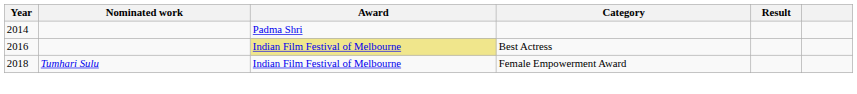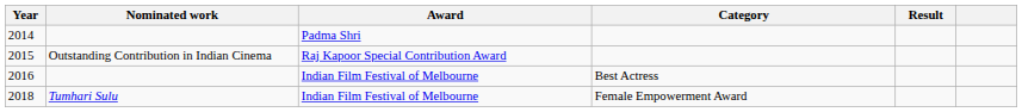 <table class="wikitable sortable plainrowheaders" style="width:80%;">
 <tr>
 <th scope="col" style="width:4%;">Year</th>
 <th scope="col" style="width:25%;">Nominated work</th>
 <th scope="col" style="wodth:30%;">Award</th>
 <th scope="col" style="width:30%;">Category</th>
 <th scope="col" style="width:6%;">Result</th>
 <th scope="col" style="width:6%;"></th>
 </tr>
 <tr>
 <td scope="row">2014</td>
 <td></td>
 <td><a href='#'>Padma Shri</a></td>
 <td></td>
 <td></td>
 <td style="text-align:center;"></td>
 </tr>
 <tr>
+<td>2015</td>
+<td>Outstanding Contribution in Indian Cinema</td>
+<td><a href='#'>Raj Kapoor Special Contribution Award</a></td>
+<td></td>
+<td></td>
+<td></td>
+</tr>
+<tr>
 <td scope="row">2016</td>
 <td></td>
-<td style="background: khaki;"><a href='#'>Indian Film Festival of Melbourne</a></td>
+<td><a href='#'>Indian Film Festival of Melbourne</a></td>
 <td>Best Actress</td>
 <td></td>
 <td style="text-align:center;"></td>
 </tr>
 <tr>
 <td scope="row">2018</td>
 <td><em><a href='#'>Tumhari Sulu</a></em></td>
 <td><a href='#'>Indian Film Festival of Melbourne</a></td>
 <td>Female Empowerment Award</td>
 <td></td>
 <td style="text-align:center;"></td>
 </tr>
 </table>
